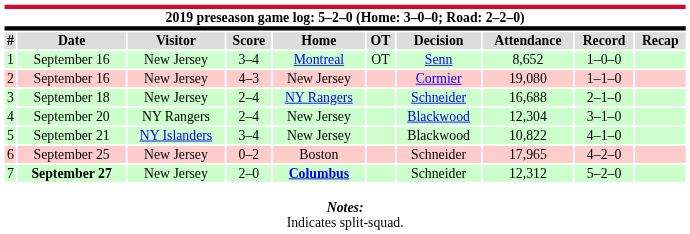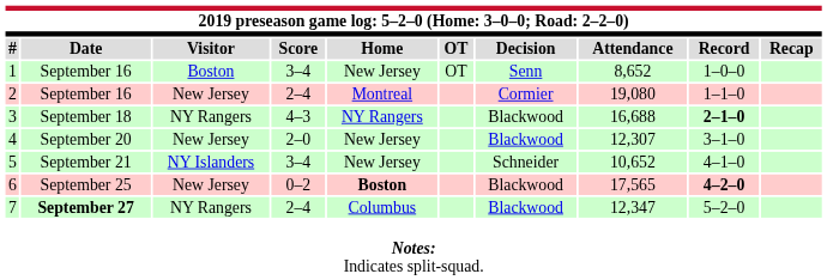 <table class="toccolours collapsible collapsed" style="width:90%; clear:both; margin:1.5em auto; text-align:center;">
 <tr>
 <th colspan="10" style="background:#FFFFFF; border-top:#C8102E 5px solid; border-bottom:#010101 5px solid;">2019 preseason game log: 5–2–0 (Home: 3–0–0; Road: 2–2–0)</th>
 </tr>
 <tr style="background:#ddd;">
 <th>#</th>
 <th>Date</th>
 <th>Visitor</th>
 <th>Score</th>
 <th>Home</th>
 <th>OT</th>
 <th>Decision</th>
 <th>Attendance</th>
 <th>Record</th>
 <th>Recap</th>
 </tr>
 <tr style="background:#cfc;">
 <td>1</td>
 <td>September 16</td>
+<td><a href='#'>Boston</a></td>
+<td>3–4</td>
 <td>New Jersey</td>
-<td>3–4</td>
-<td><a href='#'>Montreal</a></td>
 <td>OT</td>
 <td><a href='#'>Senn</a></td>
 <td>8,652</td>
 <td>1–0–0</td>
 <td></td>
 </tr>
 <tr style="background:#fcc;">
 <td>2</td>
 <td>September 16</td>
 <td>New Jersey</td>
-<td>4–3</td>
-<td>New Jersey</td>
+<td>2–4</td>
+<td><a href='#'>Montreal</a></td>
 <td></td>
 <td><a href='#'>Cormier</a></td>
 <td>19,080</td>
 <td>1–1–0</td>
 <td></td>
 </tr>
 <tr style="background:#cfc;">
 <td>3</td>
 <td>September 18</td>
-<td>New Jersey</td>
-<td>2–4</td>
+<td>NY Rangers</td>
+<td>4–3</td>
 <td><a href='#'>NY Rangers</a></td>
 <td></td>
-<td><a href='#'>Schneider</a></td>
+<td>Blackwood</td>
 <td>16,688</td>
-<td>2–1–0</td>
+<td><strong>2–1–0</strong></td>
 <td></td>
 </tr>
 <tr style="background:#cfc;">
 <td>4</td>
 <td>September 20</td>
-<td>NY Rangers</td>
-<td>2–4</td>
+<td>New Jersey</td>
+<td>2–0</td>
 <td>New Jersey</td>
 <td></td>
 <td><a href='#'>Blackwood</a></td>
-<td>12,304</td>
+<td>12,307</td>
 <td>3–1–0</td>
 <td></td>
 </tr>
 <tr style="background:#cfc;">
 <td>5</td>
 <td>September 21</td>
 <td><a href='#'>NY Islanders</a></td>
 <td>3–4</td>
 <td>New Jersey</td>
 <td></td>
-<td>Blackwood</td>
-<td>10,822</td>
+<td>Schneider</td>
+<td>10,652</td>
 <td>4–1–0</td>
 <td></td>
 </tr>
 <tr style="background:#fcc;">
 <td>6</td>
 <td>September 25</td>
 <td>New Jersey</td>
 <td>0–2</td>
-<td>Boston</td>
+<td><strong>Boston</strong></td>
 <td></td>
-<td>Schneider</td>
-<td>17,965</td>
-<td>4–2–0</td>
+<td>Blackwood</td>
+<td>17,565</td>
+<td><strong>4–2–0</strong></td>
 <td></td>
 </tr>
 <tr style="background:#cfc;">
 <td>7</td>
 <td><strong>September 27</strong></td>
-<td>New Jersey</td>
-<td>2–0</td>
-<td><strong><a href='#'>Columbus</a></strong></td>
+<td>NY Rangers</td>
+<td>2–4</td>
+<td><a href='#'>Columbus</a></td>
 <td></td>
-<td>Schneider</td>
-<td>12,312</td>
+<td><a href='#'>Blackwood</a></td>
+<td>12,347</td>
 <td>5–2–0</td>
 <td></td>
 </tr>
 <tr>
 <td colspan="10" style="text-align:center;"><br><strong><em>Notes:</em></strong><br>  Indicates split-squad.</td>
 </tr>
 </table>
